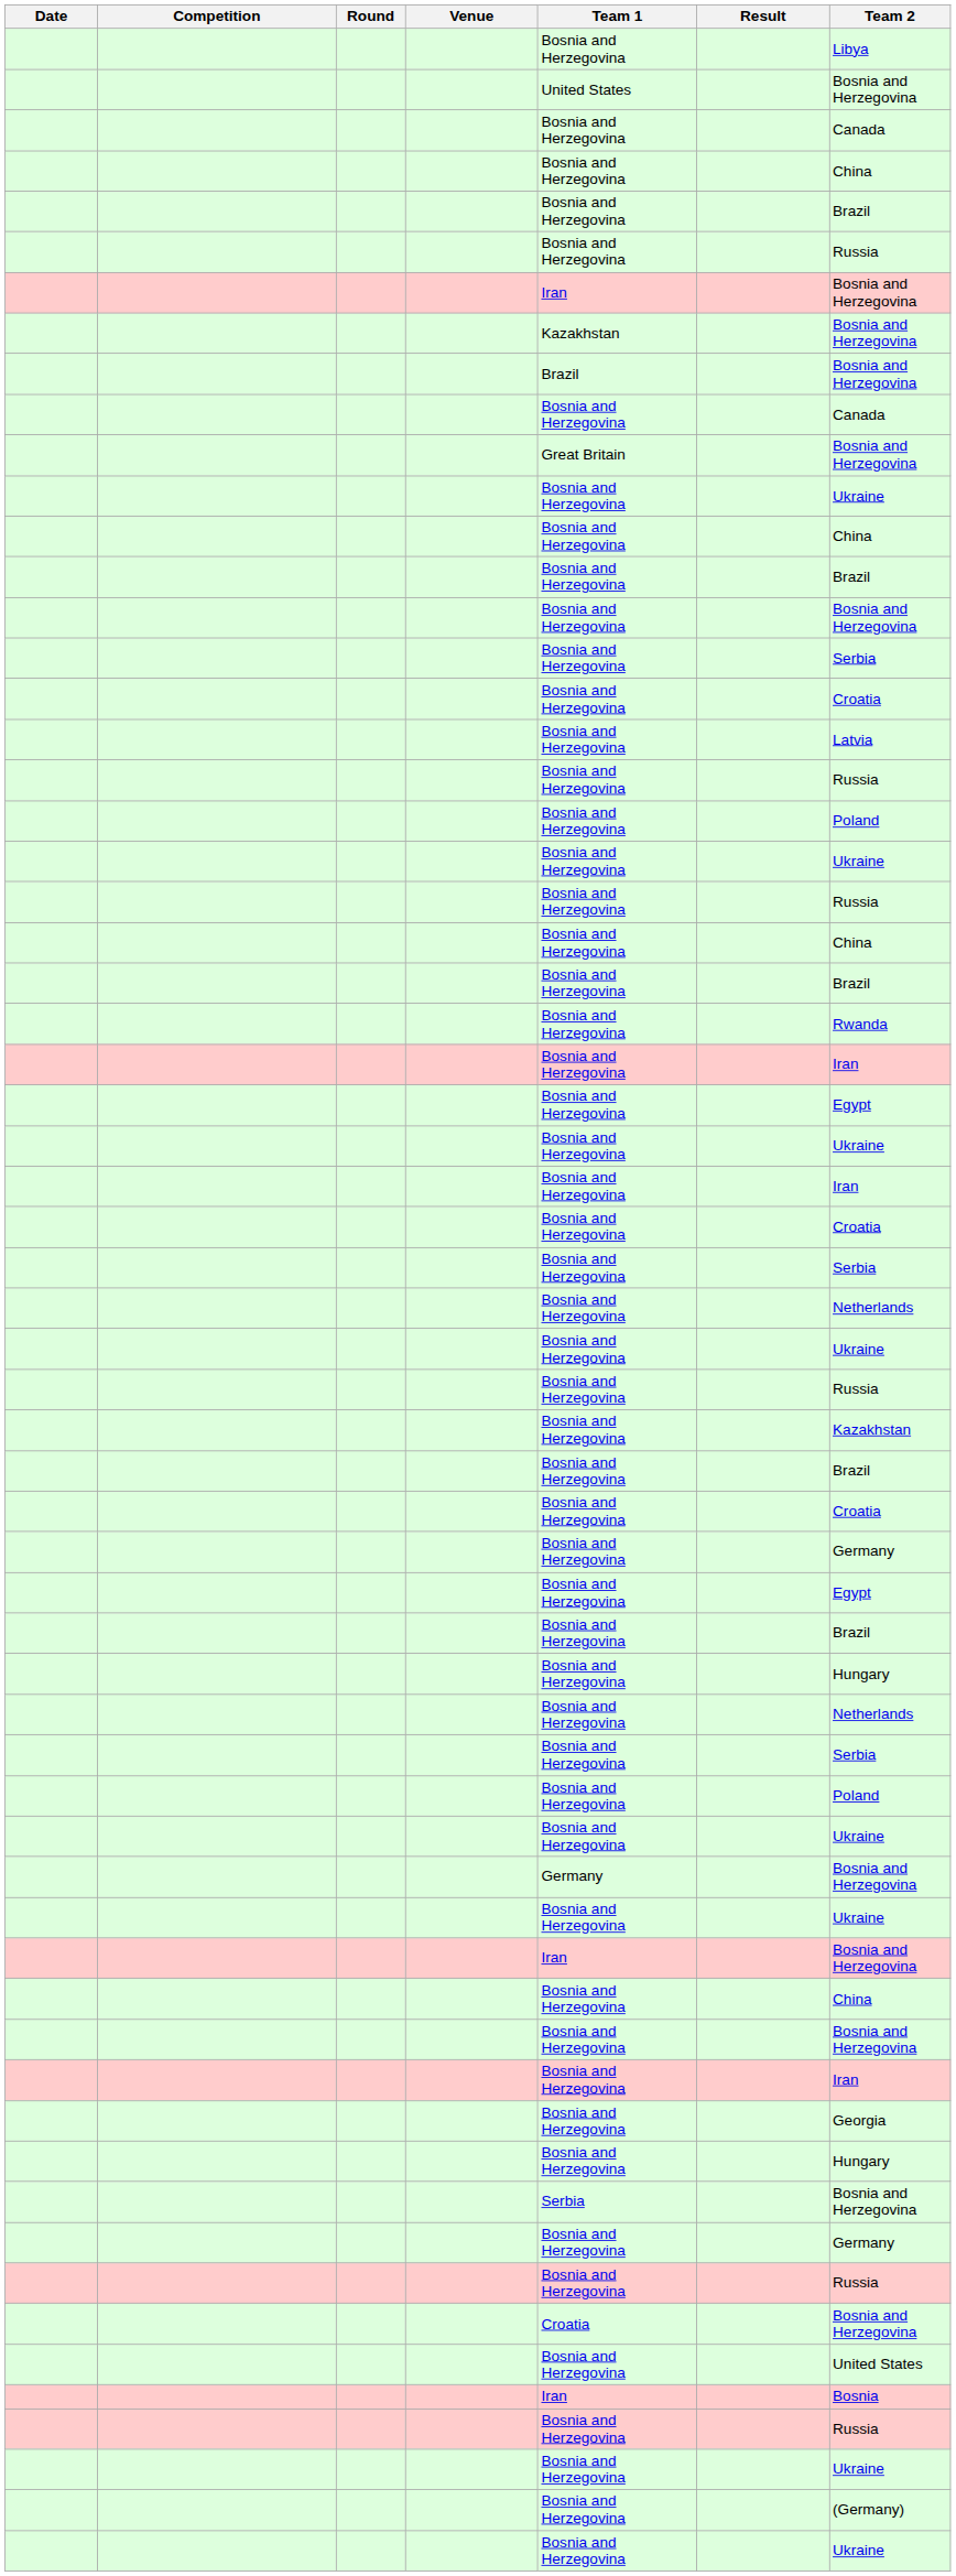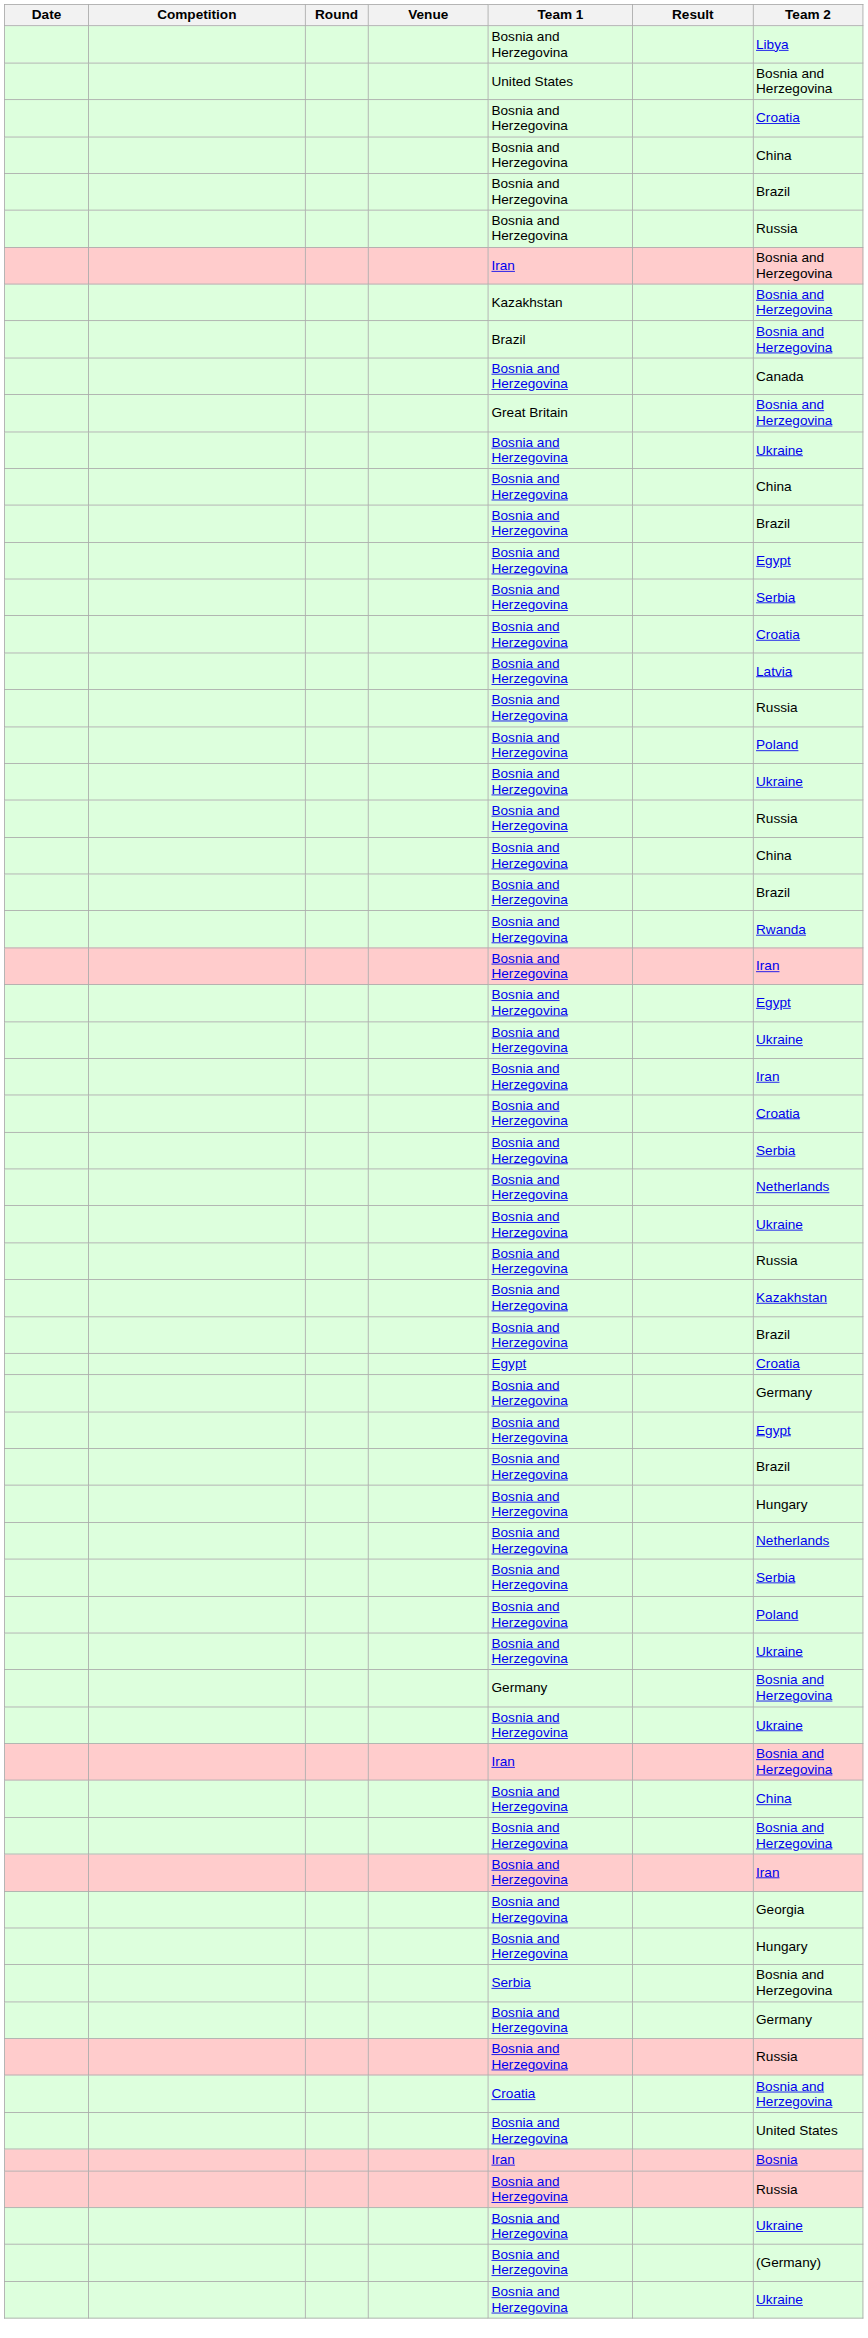 <table class="wikitable collapsible collapsed"  style="width:80%; text-align:left;">
 <tr>
 <th width=7%>Date</th>
 <th width=18%>Competition</th>
 <th width=4%>Round</th>
 <th width=10%>Venue</th>
 <th width=12%>Team 1</th>
 <th width=10%>Result</th>
 <th width=8%>Team 2</th>
 </tr>
 <tr style="background:#dfd;">
 <td></td>
 <td></td>
 <td></td>
 <td></td>
 <td> Bosnia and Herzegovina</td>
 <td><br></td>
 <td> <a href='#'>Libya</a></td>
 </tr>
 <tr style="background:#dfd;">
 <td></td>
 <td></td>
 <td></td>
 <td></td>
 <td> United States</td>
 <td><br></td>
 <td> Bosnia and Herzegovina</td>
 </tr>
 <tr style="background:#dfd;">
 <td></td>
 <td></td>
 <td></td>
 <td></td>
 <td> Bosnia and Herzegovina</td>
 <td><br></td>
-<td> Canada</td>
+<td> <a href='#'>Croatia</a></td>
 </tr>
 <tr style="background:#dfd;">
 <td></td>
 <td></td>
 <td></td>
 <td></td>
 <td> Bosnia and Herzegovina</td>
 <td></td>
 <td> China</td>
 </tr>
 <tr style="background:#dfd;">
 <td></td>
 <td></td>
 <td></td>
 <td></td>
 <td> Bosnia and Herzegovina</td>
 <td><br></td>
 <td> Brazil</td>
 </tr>
 <tr style="background:#dfd;">
 <td></td>
 <td></td>
 <td></td>
 <td></td>
 <td> Bosnia and Herzegovina</td>
 <td><br></td>
 <td> Russia</td>
 </tr>
 <tr style="background:#fcc;">
 <td></td>
 <td></td>
 <td></td>
 <td></td>
 <td> <a href='#'>Iran</a></td>
 <td><br></td>
 <td> Bosnia and Herzegovina</td>
 </tr>
 <tr style="background:#dfd;">
 <td></td>
 <td></td>
 <td></td>
 <td></td>
 <td> Kazakhstan</td>
 <td><br></td>
 <td> <a href='#'>Bosnia and Herzegovina</a></td>
 </tr>
 <tr style="background:#dfd;">
 <td></td>
 <td></td>
 <td></td>
 <td></td>
 <td> Brazil</td>
 <td><br></td>
 <td> <a href='#'>Bosnia and Herzegovina</a></td>
 </tr>
 <tr style="background:#dfd;">
 <td></td>
 <td></td>
 <td></td>
 <td></td>
 <td> <a href='#'>Bosnia and Herzegovina</a></td>
 <td><br></td>
 <td> Canada</td>
 </tr>
 <tr style="background:#dfd;">
 <td></td>
 <td></td>
 <td></td>
 <td></td>
 <td> Great Britain</td>
 <td><br></td>
 <td> <a href='#'>Bosnia and Herzegovina</a></td>
 </tr>
 <tr style="background:#dfd;">
 <td></td>
 <td></td>
 <td></td>
 <td></td>
 <td> <a href='#'>Bosnia and Herzegovina</a></td>
 <td></td>
 <td> <a href='#'>Ukraine</a></td>
 </tr>
 <tr style="background:#dfd;">
 <td></td>
 <td></td>
 <td></td>
 <td></td>
 <td> <a href='#'>Bosnia and Herzegovina</a></td>
 <td></td>
 <td> China</td>
 </tr>
 <tr style="background:#dfd;">
 <td></td>
 <td></td>
 <td></td>
 <td></td>
 <td> <a href='#'>Bosnia and Herzegovina</a></td>
 <td><br></td>
 <td> Brazil</td>
 </tr>
 <tr style="background:#dfd;">
 <td></td>
 <td></td>
 <td></td>
 <td></td>
 <td> <a href='#'>Bosnia and Herzegovina</a></td>
 <td><br></td>
-<td> <a href='#'>Bosnia and Herzegovina</a></td>
+<td> <a href='#'>Egypt</a></td>
 </tr>
 <tr style="background:#dfd;">
 <td></td>
 <td></td>
 <td></td>
 <td></td>
 <td> <a href='#'>Bosnia and Herzegovina</a></td>
 <td><br></td>
 <td> <a href='#'>Serbia</a></td>
 </tr>
 <tr style="background:#dfd;">
 <td></td>
 <td></td>
 <td></td>
 <td></td>
 <td> <a href='#'>Bosnia and Herzegovina</a></td>
 <td><br></td>
 <td> <a href='#'>Croatia</a></td>
 </tr>
 <tr style="background:#dfd;">
 <td></td>
 <td></td>
 <td></td>
 <td></td>
 <td> <a href='#'>Bosnia and Herzegovina</a></td>
 <td><br></td>
 <td> <a href='#'>Latvia</a></td>
 </tr>
 <tr style="background:#dfd;">
 <td></td>
 <td></td>
 <td></td>
 <td></td>
 <td> <a href='#'>Bosnia and Herzegovina</a></td>
 <td><br></td>
 <td> Russia</td>
 </tr>
 <tr style="background:#dfd;">
 <td></td>
 <td></td>
 <td></td>
 <td></td>
 <td> <a href='#'>Bosnia and Herzegovina</a></td>
 <td><br></td>
 <td> <a href='#'>Poland</a></td>
 </tr>
 <tr style="background:#dfd;">
 <td></td>
 <td></td>
 <td></td>
 <td></td>
 <td> <a href='#'>Bosnia and Herzegovina</a></td>
 <td><br></td>
 <td> <a href='#'>Ukraine</a></td>
 </tr>
 <tr style="background:#dfd;">
 <td></td>
 <td></td>
 <td></td>
 <td></td>
 <td> <a href='#'>Bosnia and Herzegovina</a></td>
 <td><br></td>
 <td> Russia</td>
 </tr>
 <tr style="background:#dfd;">
 <td></td>
 <td></td>
 <td></td>
 <td></td>
 <td> <a href='#'>Bosnia and Herzegovina</a></td>
 <td><br></td>
 <td> China</td>
 </tr>
 <tr style="background:#dfd;">
 <td></td>
 <td></td>
 <td></td>
 <td></td>
 <td> <a href='#'>Bosnia and Herzegovina</a></td>
 <td><br></td>
 <td> Brazil</td>
 </tr>
 <tr style="background:#dfd;">
 <td></td>
 <td></td>
 <td></td>
 <td></td>
 <td> <a href='#'>Bosnia and Herzegovina</a></td>
 <td><br></td>
 <td> <a href='#'>Rwanda</a></td>
 </tr>
 <tr style="background:#fcc;">
 <td></td>
 <td></td>
 <td></td>
 <td></td>
 <td> <a href='#'>Bosnia and Herzegovina</a></td>
 <td><br></td>
 <td> <a href='#'>Iran</a></td>
 </tr>
 <tr style="background:#dfd;">
 <td></td>
 <td></td>
 <td></td>
 <td></td>
 <td> <a href='#'>Bosnia and Herzegovina</a></td>
 <td><br></td>
 <td> <a href='#'>Egypt</a></td>
 </tr>
 <tr style="background:#dfd;">
 <td></td>
 <td></td>
 <td></td>
 <td></td>
 <td> <a href='#'>Bosnia and Herzegovina</a></td>
 <td><br></td>
 <td> <a href='#'>Ukraine</a></td>
 </tr>
 <tr style="background:#dfd;">
 <td></td>
 <td></td>
 <td></td>
 <td></td>
 <td> <a href='#'>Bosnia and Herzegovina</a></td>
 <td><br></td>
 <td> <a href='#'>Iran</a></td>
 </tr>
 <tr style="background:#dfd;">
 <td></td>
 <td></td>
 <td></td>
 <td></td>
 <td> <a href='#'>Bosnia and Herzegovina</a></td>
 <td><br></td>
 <td> <a href='#'>Croatia</a></td>
 </tr>
 <tr style="background:#dfd;">
 <td></td>
 <td></td>
 <td></td>
 <td></td>
 <td> <a href='#'>Bosnia and Herzegovina</a></td>
 <td><br></td>
 <td> <a href='#'>Serbia</a></td>
 </tr>
 <tr style="background:#dfd;">
 <td></td>
 <td></td>
 <td></td>
 <td></td>
 <td> <a href='#'>Bosnia and Herzegovina</a></td>
 <td><br></td>
 <td> <a href='#'>Netherlands</a></td>
 </tr>
 <tr style="background:#dfd;">
 <td></td>
 <td></td>
 <td></td>
 <td></td>
 <td> <a href='#'>Bosnia and Herzegovina</a></td>
 <td><br></td>
 <td> <a href='#'>Ukraine</a></td>
 </tr>
 <tr style="background:#dfd;">
 <td></td>
 <td></td>
 <td></td>
 <td></td>
 <td> <a href='#'>Bosnia and Herzegovina</a></td>
 <td></td>
 <td> Russia</td>
 </tr>
 <tr style="background:#dfd;">
 <td></td>
 <td></td>
 <td></td>
 <td></td>
 <td> <a href='#'>Bosnia and Herzegovina</a></td>
 <td><br></td>
 <td> <a href='#'>Kazakhstan</a></td>
 </tr>
 <tr style="background:#dfd;">
 <td></td>
 <td></td>
 <td></td>
 <td></td>
 <td> <a href='#'>Bosnia and Herzegovina</a></td>
 <td><br></td>
 <td> Brazil</td>
 </tr>
 <tr style="background:#dfd;">
 <td></td>
 <td></td>
 <td></td>
 <td></td>
-<td> <a href='#'>Bosnia and Herzegovina</a></td>
+<td> <a href='#'>Egypt</a></td>
 <td><br></td>
 <td> <a href='#'>Croatia</a></td>
 </tr>
 <tr style="background:#dfd;">
 <td></td>
 <td></td>
 <td></td>
 <td></td>
 <td> <a href='#'>Bosnia and Herzegovina</a></td>
 <td><br></td>
 <td> Germany</td>
 </tr>
 <tr style="background:#dfd;">
 <td></td>
 <td></td>
 <td></td>
 <td></td>
 <td> <a href='#'>Bosnia and Herzegovina</a></td>
 <td><br></td>
 <td> <a href='#'>Egypt</a></td>
 </tr>
 <tr style="background:#dfd;">
 <td></td>
 <td></td>
 <td></td>
 <td></td>
 <td> <a href='#'>Bosnia and Herzegovina</a></td>
 <td><br></td>
 <td> Brazil</td>
 </tr>
 <tr style="background:#dfd;">
 <td></td>
 <td></td>
 <td></td>
 <td></td>
 <td> <a href='#'>Bosnia and Herzegovina</a></td>
 <td><br></td>
 <td> Hungary</td>
 </tr>
 <tr style="background:#dfd;">
 <td></td>
 <td></td>
 <td></td>
 <td></td>
 <td> <a href='#'>Bosnia and Herzegovina</a></td>
 <td><br></td>
 <td> <a href='#'>Netherlands</a></td>
 </tr>
 <tr style="background:#dfd;">
 <td></td>
 <td></td>
 <td></td>
 <td></td>
 <td> <a href='#'>Bosnia and Herzegovina</a></td>
 <td><br></td>
 <td> <a href='#'>Serbia</a></td>
 </tr>
 <tr style="background:#dfd;">
 <td></td>
 <td></td>
 <td></td>
 <td></td>
 <td> <a href='#'>Bosnia and Herzegovina</a></td>
 <td><br></td>
 <td> <a href='#'>Poland</a></td>
 </tr>
 <tr style="background:#dfd;">
 <td></td>
 <td></td>
 <td></td>
 <td></td>
 <td> <a href='#'>Bosnia and Herzegovina</a></td>
 <td><br></td>
 <td> <a href='#'>Ukraine</a></td>
 </tr>
 <tr style="background:#dfd;">
 <td></td>
 <td></td>
 <td></td>
 <td></td>
 <td> Germany</td>
 <td><br></td>
 <td> <a href='#'>Bosnia and Herzegovina</a></td>
 </tr>
 <tr style="background:#dfd;">
 <td></td>
 <td></td>
 <td></td>
 <td></td>
 <td> <a href='#'>Bosnia and Herzegovina</a></td>
 <td><br></td>
 <td> <a href='#'>Ukraine</a></td>
 </tr>
 <tr style="background:#fcc;">
 <td></td>
 <td></td>
 <td></td>
 <td></td>
 <td> <a href='#'>Iran</a></td>
 <td><br></td>
 <td> <a href='#'>Bosnia and Herzegovina</a></td>
 </tr>
 <tr style="background:#dfd;">
 <td></td>
 <td></td>
 <td></td>
 <td></td>
 <td> <a href='#'>Bosnia and Herzegovina</a></td>
 <td><br></td>
 <td> <a href='#'>China</a></td>
 </tr>
 <tr style="background:#dfd;">
 <td></td>
 <td></td>
 <td></td>
 <td></td>
 <td> <a href='#'>Bosnia and Herzegovina</a></td>
 <td><br></td>
 <td> <a href='#'>Bosnia and Herzegovina</a></td>
 </tr>
 <tr style="background:#fcc;">
 <td></td>
 <td></td>
 <td></td>
 <td></td>
 <td> <a href='#'>Bosnia and Herzegovina</a></td>
 <td><br></td>
 <td> <a href='#'>Iran</a></td>
 </tr>
 <tr style="background:#dfd;">
 <td></td>
 <td></td>
 <td></td>
 <td></td>
 <td> <a href='#'>Bosnia and Herzegovina</a></td>
 <td><br></td>
 <td> Georgia</td>
 </tr>
 <tr style="background:#dfd;">
 <td></td>
 <td></td>
 <td></td>
 <td></td>
 <td> <a href='#'>Bosnia and Herzegovina</a></td>
 <td><br></td>
 <td> Hungary</td>
 </tr>
 <tr style="background:#dfd;">
 <td></td>
 <td></td>
 <td></td>
 <td></td>
 <td> <a href='#'>Serbia</a></td>
 <td><br></td>
 <td> Bosnia and Herzegovina</td>
 </tr>
 <tr style="background:#dfd;">
 <td></td>
 <td></td>
 <td></td>
 <td></td>
 <td> <a href='#'>Bosnia and Herzegovina</a></td>
 <td><br></td>
 <td> Germany</td>
 </tr>
 <tr style="background:#fcc;">
 <td></td>
 <td></td>
 <td></td>
 <td></td>
 <td> <a href='#'>Bosnia and Herzegovina</a></td>
 <td><br></td>
 <td> Russia</td>
 </tr>
 <tr style="background:#dfd;">
 <td></td>
 <td></td>
 <td></td>
 <td></td>
 <td> <a href='#'>Croatia</a></td>
 <td><br></td>
 <td> <a href='#'>Bosnia and Herzegovina</a></td>
 </tr>
 <tr style="background:#dfd;">
 <td></td>
 <td></td>
 <td></td>
 <td></td>
 <td> <a href='#'>Bosnia and Herzegovina</a></td>
 <td><br></td>
 <td> United States</td>
 </tr>
 <tr style="background:#fcc;">
 <td></td>
 <td></td>
 <td></td>
 <td></td>
 <td> <a href='#'>Iran</a></td>
 <td><br></td>
 <td> <a href='#'>Bosnia</a></td>
 </tr>
 <tr style="background:#fcc;">
 <td></td>
 <td></td>
 <td></td>
 <td></td>
 <td> <a href='#'>Bosnia and Herzegovina</a></td>
 <td><br></td>
 <td> Russia</td>
 </tr>
 <tr style="background:#dfd;">
 <td></td>
 <td></td>
 <td></td>
 <td></td>
 <td> <a href='#'>Bosnia and Herzegovina</a></td>
 <td><br></td>
 <td> <a href='#'>Ukraine</a></td>
 </tr>
 <tr style="background:#dfd;">
 <td></td>
 <td></td>
 <td></td>
 <td></td>
 <td> <a href='#'>Bosnia and Herzegovina</a></td>
 <td><br></td>
 <td>  (Germany)</td>
 </tr>
 <tr style="background:#dfd;">
 <td></td>
 <td></td>
 <td></td>
 <td></td>
 <td> <a href='#'>Bosnia and Herzegovina</a></td>
 <td><br></td>
 <td> <a href='#'>Ukraine</a></td>
 </tr>
 </table>
